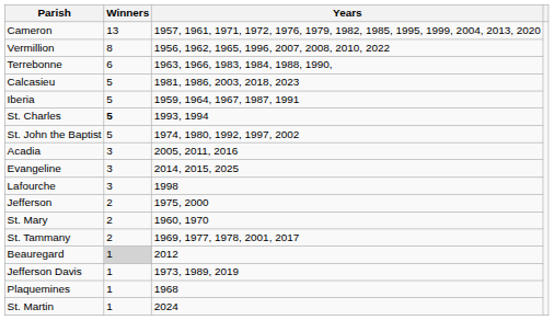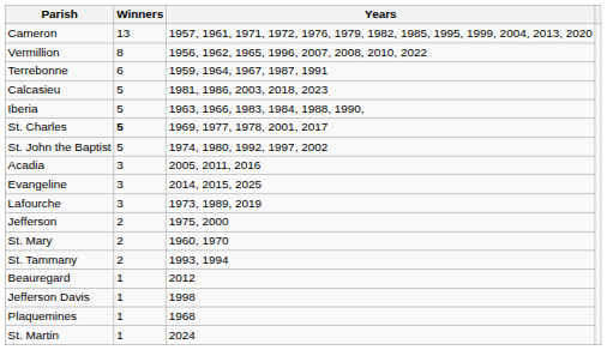 <table class="wikitable">
 <tr>
 <th><strong>Parish</strong></th>
 <th><strong>Winners</strong></th>
 <th><strong>Years</strong></th>
 <th></th>
 </tr>
 <tr>
 <td>Cameron</td>
 <td>13</td>
 <td>1957, 1961, 1971, 1972, 1976, 1979, 1982, 1985, 1995, 1999, 2004, 2013, 2020</td>
 </tr>
 <tr>
 <td>Vermillion</td>
 <td>8</td>
 <td>1956, 1962, 1965, 1996, 2007, 2008, 2010, 2022</td>
 </tr>
 <tr>
 <td>Terrebonne</td>
 <td>6</td>
-<td>1963, 1966, 1983, 1984, 1988, 1990,</td>
+<td>1959, 1964, 1967, 1987, 1991</td>
 </tr>
 <tr>
 <td>Calcasieu</td>
 <td>5</td>
 <td>1981, 1986, 2003, 2018, 2023</td>
 </tr>
 <tr>
 <td>Iberia</td>
 <td>5</td>
-<td>1959, 1964, 1967, 1987, 1991</td>
+<td>1963, 1966, 1983, 1984, 1988, 1990,</td>
 </tr>
 <tr>
 <td>St. Charles</td>
 <td><strong>5</strong></td>
-<td>1993, 1994</td>
+<td>1969, 1977, 1978, 2001, 2017</td>
 </tr>
 <tr>
 <td>St. John the Baptist</td>
 <td>5</td>
 <td>1974, 1980, 1992, 1997, 2002</td>
 </tr>
 <tr>
 <td>Acadia</td>
 <td>3</td>
 <td>2005, 2011, 2016</td>
 </tr>
 <tr>
 <td>Evangeline</td>
 <td>3</td>
 <td>2014, 2015, 2025</td>
 </tr>
 <tr>
 <td>Lafourche</td>
 <td>3</td>
-<td>1998</td>
+<td>1973, 1989, 2019</td>
 </tr>
 <tr>
 <td>Jefferson</td>
 <td>2</td>
 <td>1975, 2000</td>
 </tr>
 <tr>
 <td>St. Mary</td>
 <td>2</td>
 <td>1960, 1970</td>
 </tr>
 <tr>
 <td>St. Tammany</td>
 <td>2</td>
-<td>1969, 1977, 1978, 2001, 2017</td>
+<td>1993, 1994</td>
 </tr>
 <tr>
 <td>Beauregard</td>
-<td style="background: lightgrey;">1</td>
+<td>1</td>
 <td>2012</td>
 </tr>
 <tr>
 <td>Jefferson Davis</td>
 <td>1</td>
-<td>1973, 1989, 2019</td>
+<td>1998</td>
 </tr>
 <tr>
 <td>Plaquemines</td>
 <td>1</td>
 <td>1968</td>
 </tr>
 <tr>
 <td>St. Martin</td>
 <td>1</td>
 <td>2024</td>
 </tr>
 </table>
